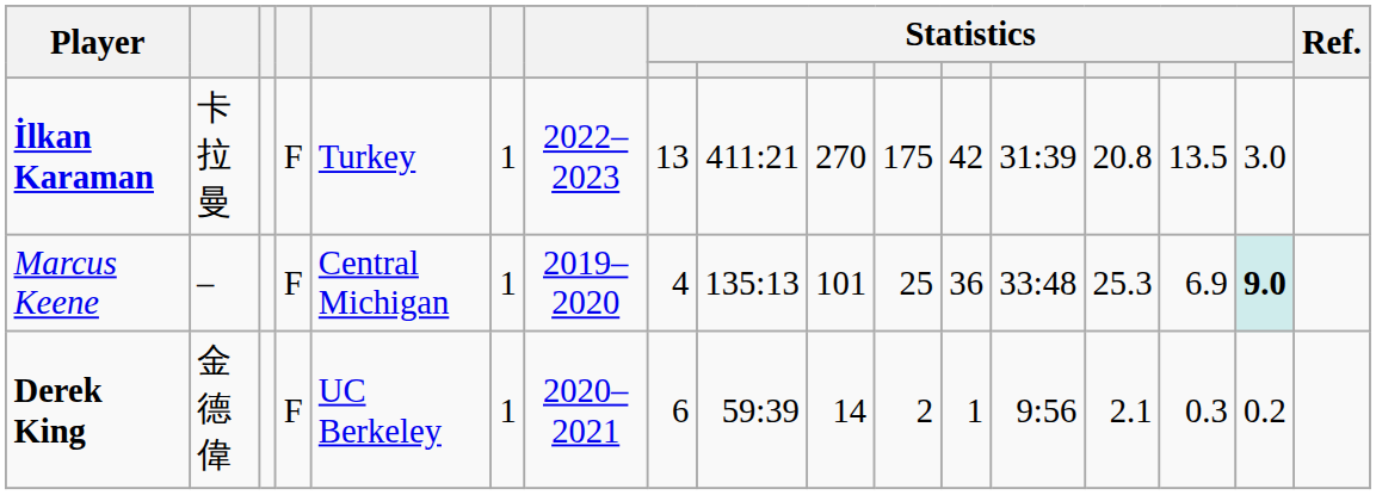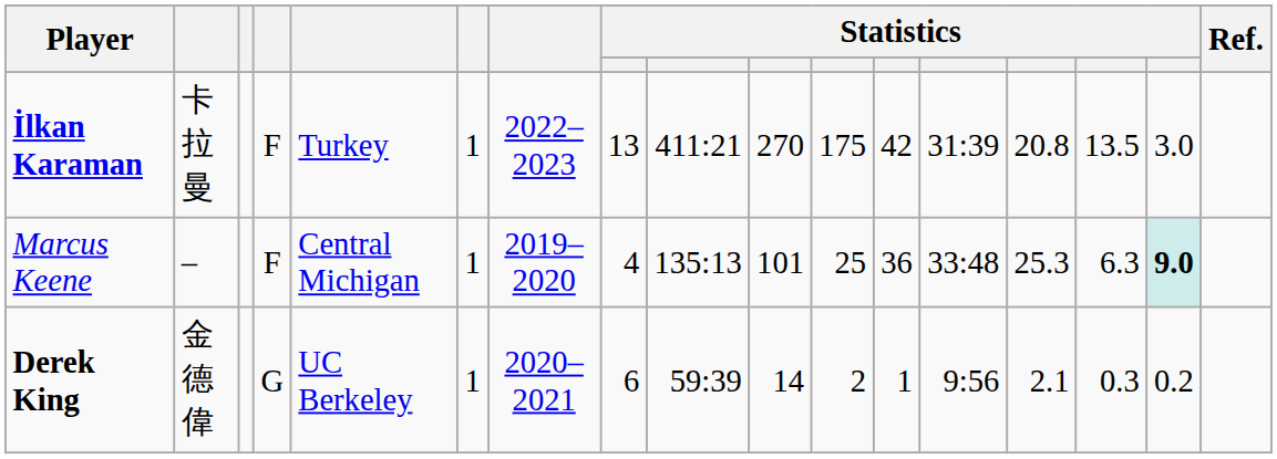 <table class="wikitable sortable" style="font-size:95%; text-align:right;">
 <tr>
 <th rowspan="2">Player</th>
 <th rowspan="2"></th>
 <th rowspan="2"></th>
 <th rowspan="2"></th>
 <th rowspan="2"></th>
 <th rowspan="2"></th>
 <th rowspan="2"></th>
 <th colspan="9">Statistics</th>
 <th rowspan="2">Ref.</th>
 </tr>
 <tr>
 <th></th>
 <th></th>
 <th></th>
 <th></th>
 <th></th>
 <th></th>
 <th></th>
 <th></th>
 <th></th>
 </tr>
 <tr>
 <td align="left"><strong><a href='#'>İlkan Karaman</a></strong></td>
 <td align="left">卡拉曼</td>
 <td align="center"></td>
 <td align="center">F</td>
 <td align="left"><a href='#'>Turkey</a></td>
 <td align="center">1</td>
 <td align="center"><a href='#'>2022–2023</a></td>
 <td>13</td>
 <td>411:21</td>
 <td>270</td>
 <td>175</td>
 <td>42</td>
 <td>31:39</td>
 <td>20.8</td>
 <td>13.5</td>
 <td>3.0</td>
 <td align="center"></td>
 </tr>
 <tr>
 <td align="left"><em><a href='#'>Marcus Keene</a></em></td>
 <td align="left">–</td>
 <td align="center"></td>
 <td align="center">F</td>
 <td align="left"><a href='#'>Central Michigan</a></td>
 <td align="center">1</td>
 <td align="center"><a href='#'>2019–2020</a></td>
 <td>4</td>
 <td>135:13</td>
 <td>101</td>
 <td>25</td>
 <td>36</td>
 <td>33:48</td>
 <td>25.3</td>
-<td>6.9</td>
+<td>6.3</td>
 <td bgcolor="#CFECEC"><strong>9.0</strong></td>
 <td align="center"></td>
 </tr>
 <tr>
 <td align="left"><strong>Derek King</strong></td>
 <td align="left">金德偉</td>
 <td align="center"></td>
-<td align="center">F</td>
+<td align="center">G</td>
 <td align="left"><a href='#'>UC Berkeley</a></td>
 <td align="center">1</td>
 <td align="center"><a href='#'>2020–2021</a></td>
 <td>6</td>
 <td>59:39</td>
 <td>14</td>
 <td>2</td>
 <td>1</td>
 <td>9:56</td>
 <td>2.1</td>
 <td>0.3</td>
 <td>0.2</td>
 <td align="center"></td>
 </tr>
 </table>
